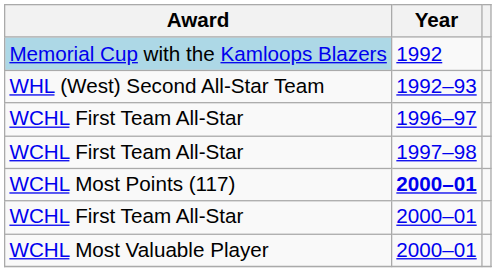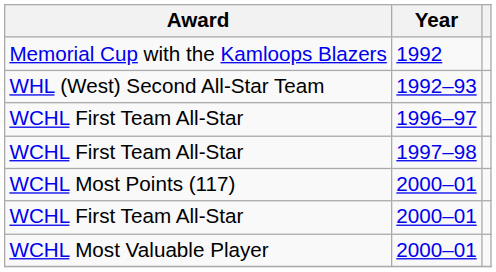 <table class="wikitable">
 <tr>
 <th>Award</th>
 <th>Year</th>
 <th></th>
 </tr>
 <tr>
-<td style="background: lightblue;"><a href='#'>Memorial Cup</a> with the <a href='#'>Kamloops Blazers</a></td>
+<td><a href='#'>Memorial Cup</a> with the <a href='#'>Kamloops Blazers</a></td>
 <td><a href='#'>1992</a></td>
 <td></td>
 </tr>
 <tr>
 <td><a href='#'>WHL</a> (West) Second All-Star Team</td>
 <td><a href='#'>1992–93</a></td>
 <td></td>
 </tr>
 <tr>
 <td><a href='#'>WCHL</a> First Team All-Star</td>
 <td><a href='#'>1996–97</a></td>
 <td></td>
 </tr>
 <tr>
 <td><a href='#'>WCHL</a> First Team All-Star</td>
 <td><a href='#'>1997–98</a></td>
 <td></td>
 </tr>
 <tr>
 <td><a href='#'>WCHL</a> Most Points (117)</td>
-<td><strong><a href='#'>2000–01</a></strong></td>
+<td><a href='#'>2000–01</a></td>
 <td></td>
 </tr>
 <tr>
 <td><a href='#'>WCHL</a> First Team All-Star</td>
 <td><a href='#'>2000–01</a></td>
 <td></td>
 </tr>
 <tr>
 <td><a href='#'>WCHL</a> Most Valuable Player</td>
 <td><a href='#'>2000–01</a></td>
 <td></td>
 </tr>
 <tr>
 </tr>
 </table>
